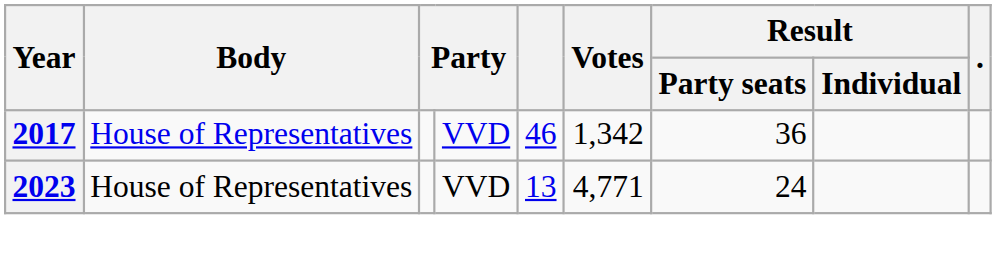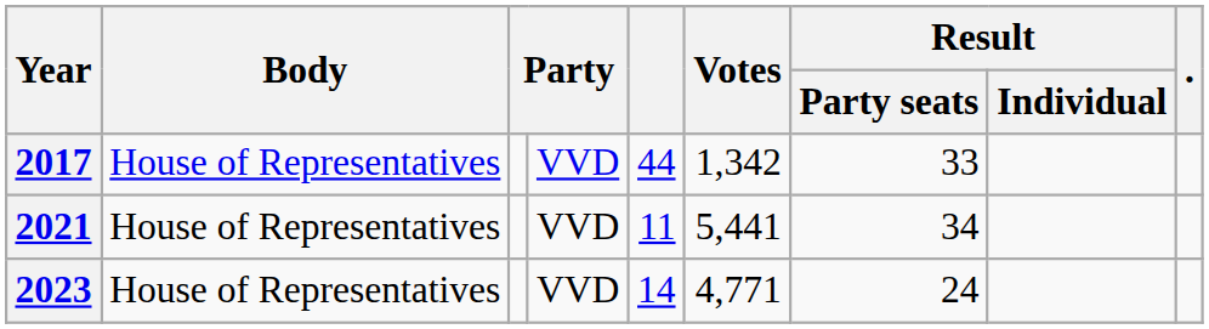 <table class="wikitable plainrowheaders sortable" border=2 cellpadding=4 cellspacing=0 style="border: 1px #aaa solid; font-size: 90%; text-align:center;">
 <tr>
 <th scope="col" rowspan=2>Year</th>
 <th scope="col" rowspan=2>Body</th>
 <th scope="col" colspan=2 rowspan=2>Party</th>
 <th scope="col" rowspan=2></th>
 <th scope="col" rowspan=2>Votes</th>
 <th scope="colgroup" colspan=2>Result</th>
 <th scope="col" rowspan=2 class="unsortable">.</th>
 </tr>
 <tr>
 <th scope="col">Party seats</th>
 <th scope="col">Individual</th>
 </tr>
 <tr>
 <th scope="row"><a href='#'>2017</a></th>
 <td><a href='#'>House of Representatives</a></td>
 <td style="background-color:"></td>
 <td><a href='#'>VVD</a></td>
-<td style=text-align:right><a href='#'>46</a></td>
+<td style=text-align:right><a href='#'>44</a></td>
 <td style=text-align:right>1,342</td>
-<td style=text-align:right>36</td>
+<td style=text-align:right>33</td>
+<td></td>
+<td></td>
+</tr>
+<tr>
+<th scope="row"><a href='#'>2021</a></th>
+<td>House of Representatives</td>
+<td style="background-color:"></td>
+<td>VVD</td>
+<td style=text-align:right><a href='#'>11</a></td>
+<td style=text-align:right>5,441</td>
+<td style=text-align:right>34</td>
 <td></td>
 <td></td>
 </tr>
 <tr>
 <th scope="row"><a href='#'>2023</a></th>
 <td>House of Representatives</td>
 <td style="background-color:"></td>
 <td>VVD</td>
-<td style=text-align:right><a href='#'>13</a></td>
+<td style=text-align:right><a href='#'>14</a></td>
 <td style=text-align:right>4,771</td>
 <td style=text-align:right>24</td>
 <td></td>
 <td></td>
 </tr>
 </table>
